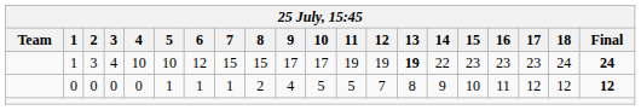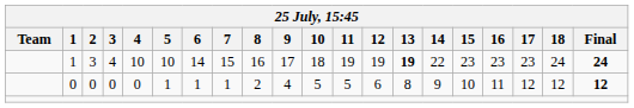 <table class=wikitable style="text-align:center; width: 55%">
 <tr>
 <th colspan=20><em>25 July, 15:45</em></th>
 </tr>
 <tr>
 <th>Team</th>
 <th>1</th>
 <th>2</th>
 <th>3</th>
 <th>4</th>
 <th>5</th>
 <th>6</th>
 <th>7</th>
 <th>8</th>
 <th>9</th>
 <th>10</th>
 <th>11</th>
 <th>12</th>
 <th>13</th>
 <th>14</th>
 <th>15</th>
 <th>16</th>
 <th>17</th>
 <th>18</th>
 <th>Final</th>
 </tr>
 <tr>
 <td align=left><strong></strong></td>
 <td>1</td>
 <td>3</td>
 <td>4</td>
 <td>10</td>
 <td>10</td>
-<td>12</td>
+<td>14</td>
 <td>15</td>
-<td>15</td>
+<td>16</td>
 <td>17</td>
-<td>17</td>
+<td>18</td>
 <td>19</td>
 <td>19</td>
 <td><strong>19</strong></td>
 <td>22</td>
 <td>23</td>
 <td>23</td>
 <td>23</td>
 <td>24</td>
 <td><strong>24</strong></td>
 </tr>
 <tr>
 <td align=left></td>
 <td>0</td>
 <td>0</td>
 <td>0</td>
 <td>0</td>
 <td>1</td>
 <td>1</td>
 <td>1</td>
 <td>2</td>
 <td>4</td>
 <td>5</td>
 <td>5</td>
-<td>7</td>
+<td>6</td>
 <td>8</td>
 <td>9</td>
 <td>10</td>
 <td>11</td>
 <td>12</td>
 <td>12</td>
 <td><strong>12</strong></td>
 </tr>
 <tr>
 <td colspan=20></td>
 </tr>
 </table>
